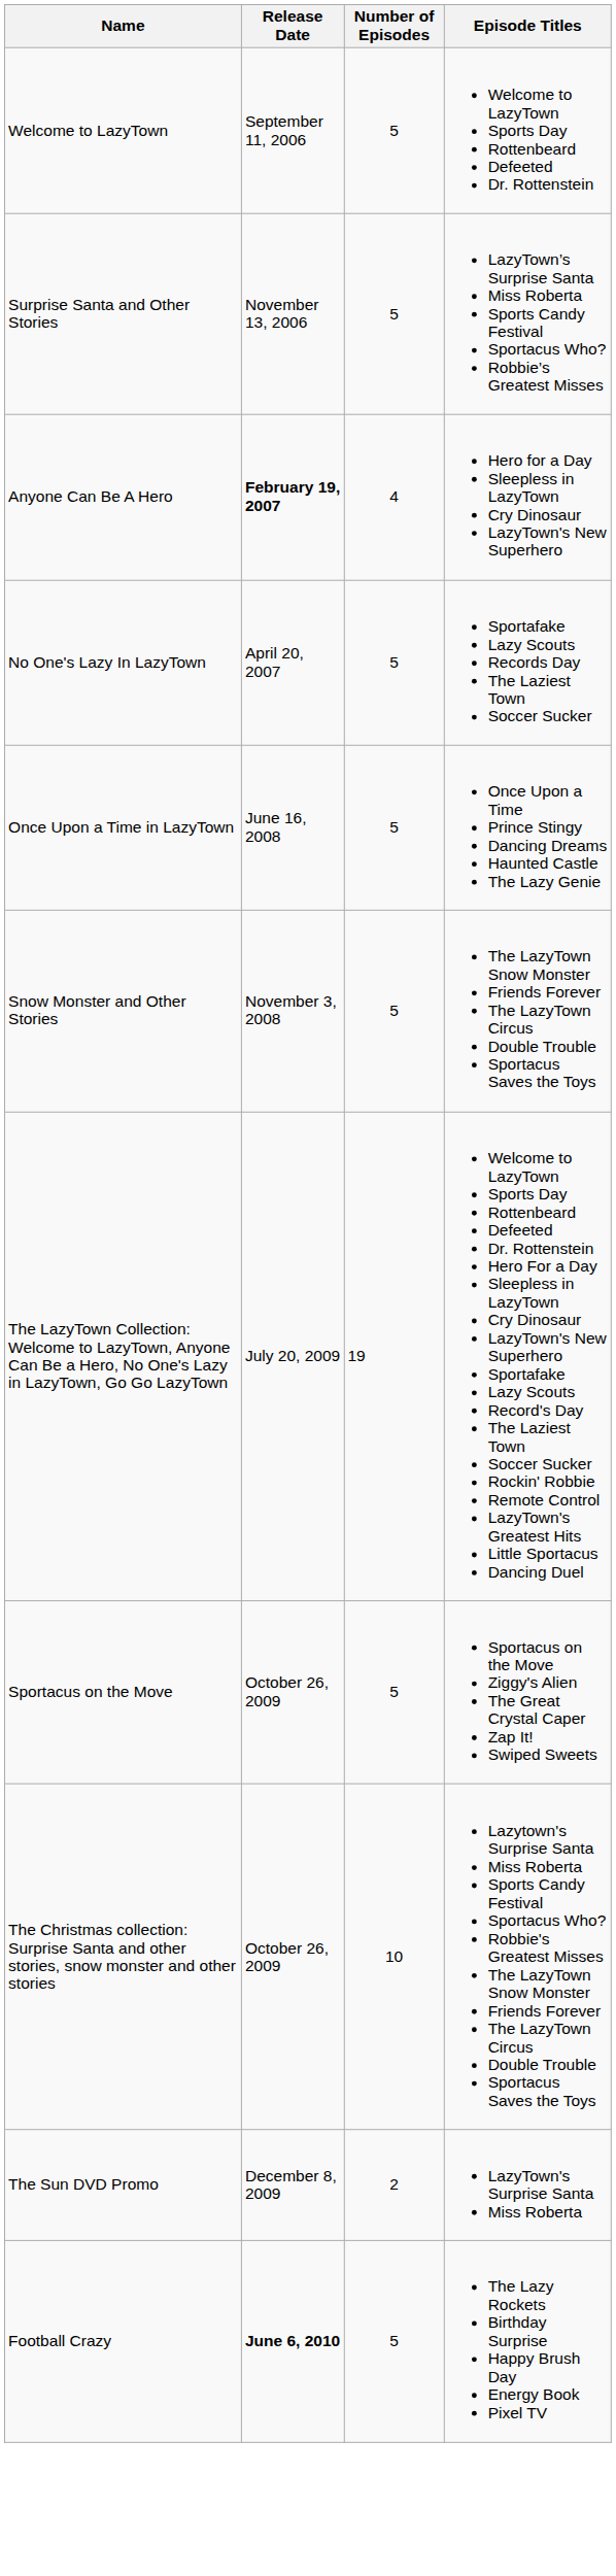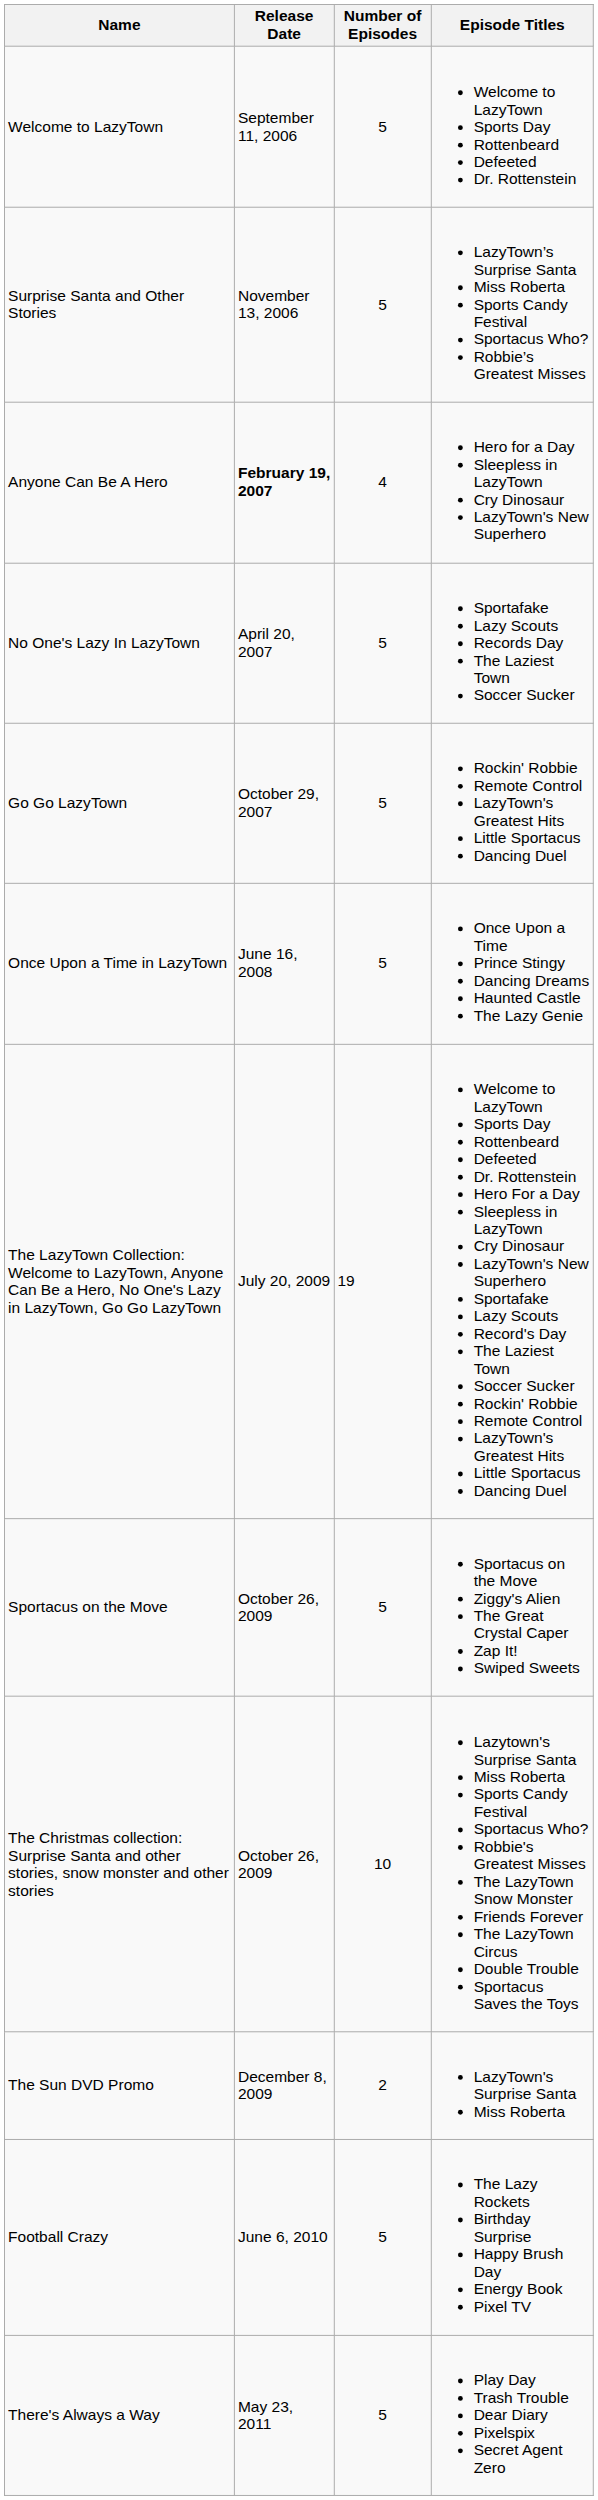 <table class="wikitable">
 <tr>
 <th>Name</th>
 <th>Release Date</th>
 <th>Number of Episodes</th>
 <th>Episode Titles</th>
 </tr>
 <tr>
 <td>Welcome to LazyTown</td>
 <td>September 11, 2006</td>
 <td align="center">5</td>
 <td><br><ul><li>Welcome to LazyTown</li><li>Sports Day</li><li>Rottenbeard</li><li>Defeeted</li><li>Dr. Rottenstein</li></ul></td>
 </tr>
 <tr>
 <td>Surprise Santa and Other Stories</td>
 <td>November 13, 2006</td>
 <td align="center">5</td>
 <td><br><ul><li>LazyTown’s Surprise Santa</li><li>Miss Roberta</li><li>Sports Candy Festival</li><li>Sportacus Who?</li><li>Robbie’s Greatest Misses</li></ul></td>
 </tr>
 <tr>
 <td>Anyone Can Be A Hero</td>
 <td><strong>February 19, 2007</strong></td>
 <td align="center">4</td>
 <td><br><ul><li>Hero for a Day</li><li>Sleepless in LazyTown</li><li>Cry Dinosaur</li><li>LazyTown's New Superhero</li></ul></td>
 </tr>
 <tr>
 <td>No One's Lazy In LazyTown</td>
 <td>April 20, 2007</td>
 <td align="center">5</td>
 <td><br><ul><li>Sportafake</li><li>Lazy Scouts</li><li>Records Day</li><li>The Laziest Town</li><li>Soccer Sucker</li></ul></td>
 </tr>
 <tr>
+<td>Go Go LazyTown</td>
+<td>October 29, 2007</td>
+<td align="center">5</td>
+<td><br><ul><li>Rockin' Robbie</li><li>Remote Control</li><li>LazyTown's Greatest Hits</li><li>Little Sportacus</li><li>Dancing Duel</li></ul></td>
+</tr>
+<tr>
 <td>Once Upon a Time in LazyTown</td>
 <td>June 16, 2008</td>
 <td align="center">5</td>
 <td><br><ul><li>Once Upon a Time</li><li>Prince Stingy</li><li>Dancing Dreams</li><li>Haunted Castle</li><li>The Lazy Genie</li></ul></td>
-</tr>
-<tr>
-<td>Snow Monster and Other Stories</td>
-<td>November 3, 2008</td>
-<td align="center">5</td>
-<td><br><ul><li>The LazyTown Snow Monster</li><li>Friends Forever</li><li>The LazyTown Circus</li><li>Double Trouble</li><li>Sportacus Saves the Toys</li></ul></td>
 </tr>
 <tr>
 <td>The LazyTown Collection:<br>Welcome to LazyTown,                                        Anyone Can Be a Hero,                                           No One's Lazy in LazyTown,                                 Go Go LazyTown</td>
 <td>July 20, 2009</td>
 <td align="centre">19</td>
 <td><br><ul><li>Welcome to LazyTown</li><li>Sports Day</li><li>Rottenbeard</li><li>Defeeted</li><li>Dr. Rottenstein</li><li>Hero For a Day</li><li>Sleepless in LazyTown</li><li>Cry Dinosaur</li><li>LazyTown's New Superhero</li><li>Sportafake</li><li>Lazy Scouts</li><li>Record's Day</li><li>The Laziest Town</li><li>Soccer Sucker</li><li>Rockin' Robbie</li><li>Remote Control</li><li>LazyTown's Greatest Hits</li><li>Little Sportacus</li><li>Dancing Duel</li></ul></td>
 </tr>
 <tr>
 <td>Sportacus on the Move</td>
 <td>October 26, 2009</td>
 <td align="center">5</td>
 <td><br><ul><li>Sportacus on the Move</li><li>Ziggy's Alien</li><li>The Great Crystal Caper</li><li>Zap It!</li><li>Swiped Sweets</li></ul></td>
 </tr>
 <tr>
 <td>The Christmas collection:<br>Surprise Santa and other stories, snow monster and other stories</td>
 <td>October 26, 2009</td>
 <td align="center">10</td>
 <td><br><ul><li>Lazytown's Surprise Santa</li><li>Miss Roberta</li><li>Sports Candy Festival</li><li>Sportacus Who?</li><li>Robbie's Greatest Misses</li><li>The LazyTown Snow Monster</li><li>Friends Forever</li><li>The LazyTown Circus</li><li>Double Trouble</li><li>Sportacus Saves the Toys</li></ul></td>
 </tr>
 <tr>
 <td>The Sun DVD Promo</td>
 <td>December 8, 2009</td>
 <td align="center">2</td>
 <td><br><ul><li>LazyTown's Surprise Santa</li><li>Miss Roberta</li></ul></td>
 </tr>
 <tr>
 <td>Football Crazy</td>
-<td><strong>June 6, 2010</strong></td>
+<td>June 6, 2010</td>
 <td align="center">5</td>
 <td><br><ul><li>The Lazy Rockets</li><li>Birthday Surprise</li><li>Happy Brush Day</li><li>Energy Book</li><li>Pixel TV</li></ul></td>
 </tr>
+<tr>
+<td>There's Always a Way</td>
+<td>May 23, 2011</td>
+<td align="center">5</td>
+<td><br><ul><li>Play Day</li><li>Trash Trouble</li><li>Dear Diary</li><li>Pixelspix</li><li>Secret Agent Zero</li></ul></td>
+</tr>
 </table>
